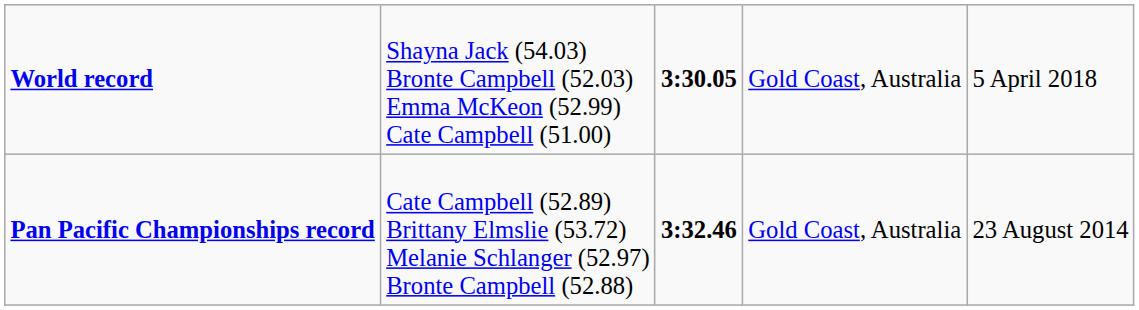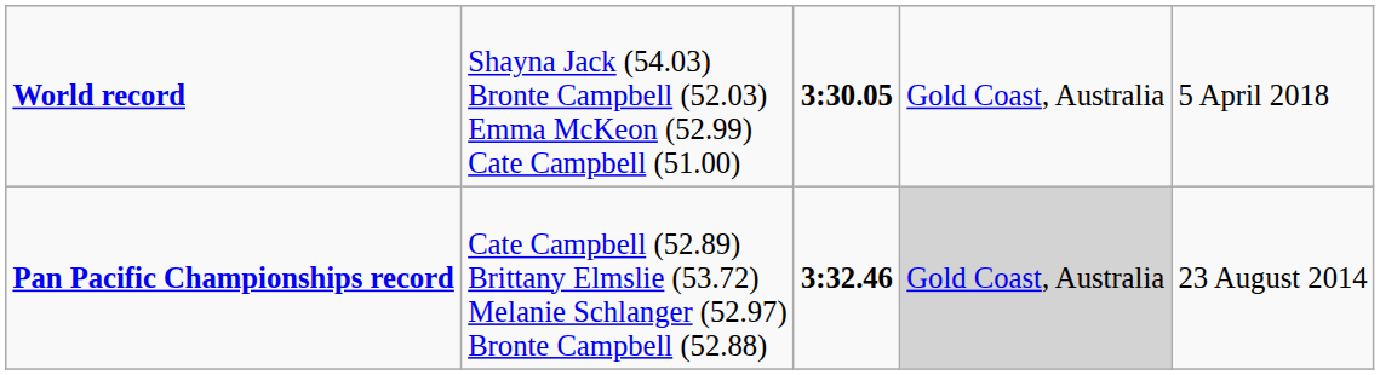 <table class="wikitable">
 <tr>
 <td><strong><a href='#'>World record</a></strong></td>
 <td><br><a href='#'>Shayna Jack</a> (54.03)<br><a href='#'>Bronte Campbell</a> (52.03)<br><a href='#'>Emma McKeon</a> (52.99)<br><a href='#'>Cate Campbell</a> (51.00)</td>
 <td><strong>3:30.05</strong></td>
 <td><a href='#'>Gold Coast</a>, Australia</td>
 <td>5 April 2018</td>
 </tr>
 <tr>
 <td><strong><a href='#'>Pan Pacific Championships record</a></strong></td>
 <td><br><a href='#'>Cate Campbell</a> (52.89)<br><a href='#'>Brittany Elmslie</a> (53.72)<br><a href='#'>Melanie Schlanger</a> (52.97)<br><a href='#'>Bronte Campbell</a> (52.88)</td>
 <td><strong>3:32.46</strong></td>
-<td><a href='#'>Gold Coast</a>, Australia</td>
+<td style="background: lightgrey;"><a href='#'>Gold Coast</a>, Australia</td>
 <td>23 August 2014</td>
 </tr>
 </table>
